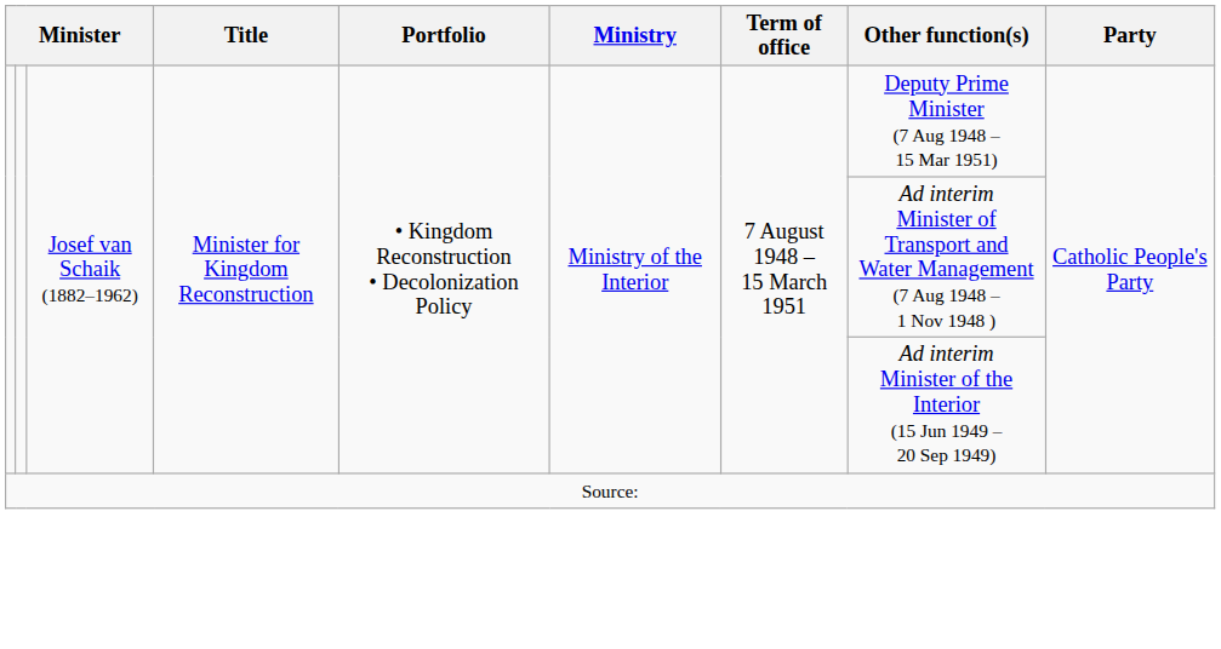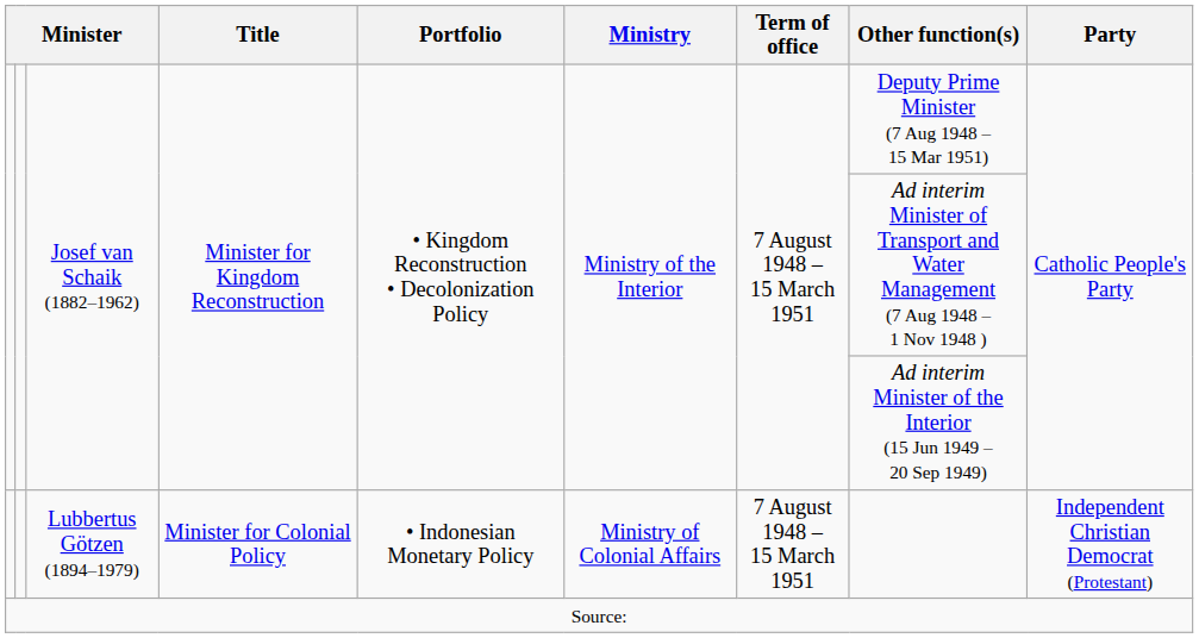 <table class="wikitable" style="text-align:center">
 <tr>
 <th colspan=3>Minister</th>
 <th>Title</th>
 <th>Portfolio</th>
 <th><a href='#'>Ministry</a></th>
 <th>Term of office</th>
 <th>Other function(s)</th>
 <th>Party</th>
 </tr>
 <tr>
 <td rowspan=3 style="background:"></td>
 <td rowspan=3></td>
 <td rowspan=3><a href='#'>Josef van Schaik</a> <br> <small>(1882–1962)</small></td>
 <td rowspan=3><a href='#'>Minister for Kingdom <br> Reconstruction</a></td>
 <td rowspan=3>• Kingdom Reconstruction <br> • Decolonization Policy</td>
 <td rowspan=3><a href='#'>Ministry of the Interior</a></td>
 <td rowspan=3>7 August 1948 – <br> 15 March 1951</td>
 <td><a href='#'>Deputy Prime Minister</a> <br> <small>(7 Aug 1948 – <br> 15 Mar 1951)</small></td>
 <td rowspan=3><a href='#'>Catholic People's Party</a></td>
 </tr>
 <tr>
 <td><em>Ad interim</em> <br> <a href='#'>Minister of Transport and <br> Water Management</a> <br> <small>(7 Aug 1948 – <br> 1 Nov 1948 )</small></td>
 </tr>
 <tr>
 <td><em>Ad interim</em> <br> <a href='#'>Minister of the Interior</a> <br> <small>(15 Jun 1949 – <br> 20 Sep 1949)</small></td>
 </tr>
 <tr>
+<td style="background:"></td>
+<td></td>
+<td><a href='#'>Lubbertus Götzen</a> <br> <small>(1894–1979)</small></td>
+<td><a href='#'>Minister for Colonial Policy</a></td>
+<td>• Indonesian Monetary Policy</td>
+<td><a href='#'>Ministry of Colonial Affairs</a></td>
+<td>7 August 1948 – <br> 15 March 1951</td>
+<td></td>
+<td><a href='#'>Independent <br> Christian Democrat</a> <br> <small>(<a href='#'>Protestant</a>)</small></td>
+</tr>
+<tr>
 <td colspan=9><small>Source:</small></td>
 </tr>
 </table>
